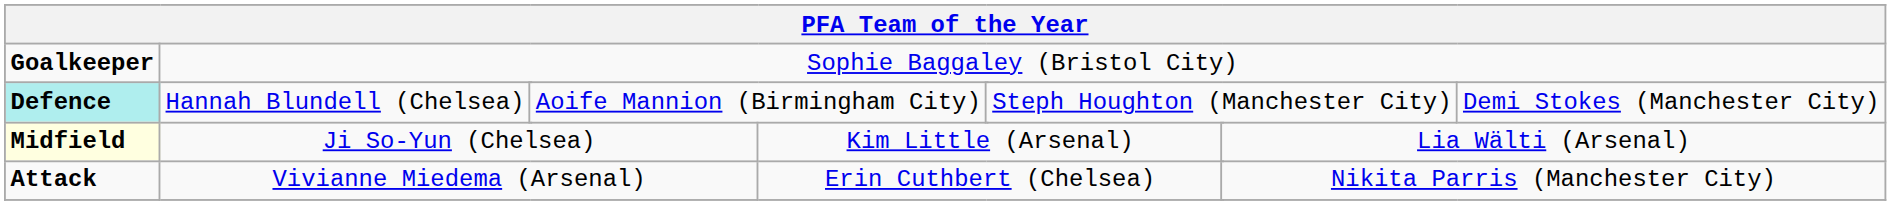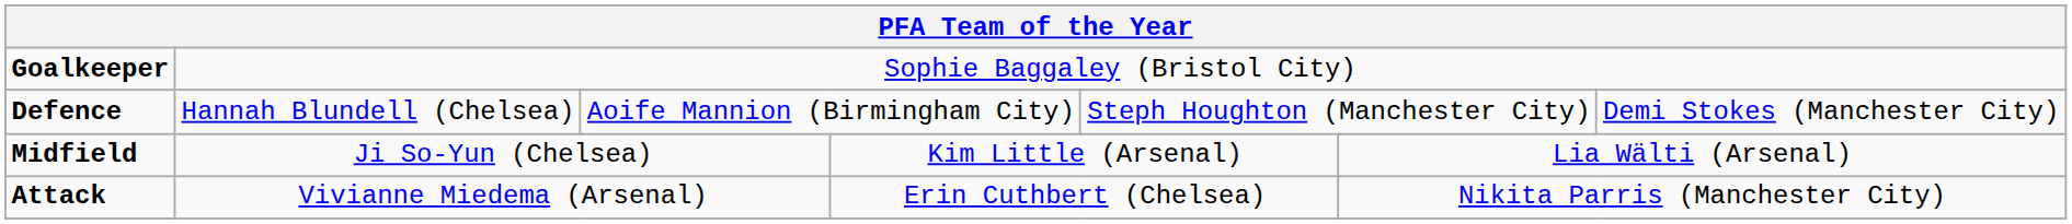 <table class="wikitable">
 <tr>
 <th colspan="13"><a href='#'>PFA Team of the Year</a></th>
 </tr>
 <tr>
 <td><strong>Goalkeeper</strong></td>
 <td colspan="12" align="center"> <a href='#'>Sophie Baggaley</a> (Bristol City)</td>
 </tr>
 <tr>
-<td style="background: paleturquoise;"><strong>Defence</strong></td>
+<td><strong>Defence</strong></td>
 <td colspan="3" align="center"> <a href='#'>Hannah Blundell</a> (Chelsea)</td>
 <td colspan="3" align="center"> <a href='#'>Aoife Mannion</a> (Birmingham City)</td>
 <td colspan="3" align="center"> <a href='#'>Steph Houghton</a> (Manchester City)</td>
 <td colspan="3" align="center"> <a href='#'>Demi Stokes</a> (Manchester City)</td>
 </tr>
 <tr>
-<td style="background: lightyellow;"><strong>Midfield</strong></td>
+<td><strong>Midfield</strong></td>
 <td colspan="4" align="center"> <a href='#'>Ji So-Yun</a> (Chelsea)</td>
 <td colspan="4" align="center"> <a href='#'>Kim Little</a> (Arsenal)</td>
 <td colspan="4" align="center"> <a href='#'>Lia Wälti</a> (Arsenal)</td>
 </tr>
 <tr>
 <td><strong>Attack</strong></td>
 <td colspan="4" align="center"> <a href='#'>Vivianne Miedema</a> (Arsenal)</td>
 <td colspan="4" align="center"> <a href='#'>Erin Cuthbert</a> (Chelsea)</td>
 <td colspan="4" align="center"> <a href='#'>Nikita Parris</a> (Manchester City)</td>
 </tr>
 </table>
